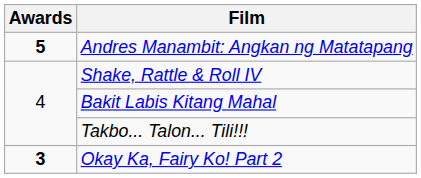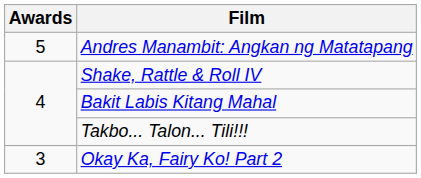 <table class="wikitable" style="text-align:center">
 <tr>
 <th scope="col">Awards</th>
 <th scope="col">Film</th>
 </tr>
 <tr>
-<td><strong>5</strong></td>
+<td>5</td>
 <td align=left><em><a href='#'>Andres Manambit: Angkan ng Matatapang</a></em></td>
 </tr>
 <tr>
 <td rowspan=3>4</td>
 <td align=left><em><a href='#'>Shake, Rattle & Roll IV</a></em></td>
 </tr>
 <tr>
 <td align=left><em><a href='#'>Bakit Labis Kitang Mahal</a></em></td>
 </tr>
 <tr>
 <td align=left><em>Takbo... Talon... Tili!!!</em></td>
 </tr>
 <tr>
-<td><strong>3</strong></td>
+<td>3</td>
 <td align=left><em><a href='#'>Okay Ka, Fairy Ko! Part 2</a></em></td>
 </tr>
 </table>
